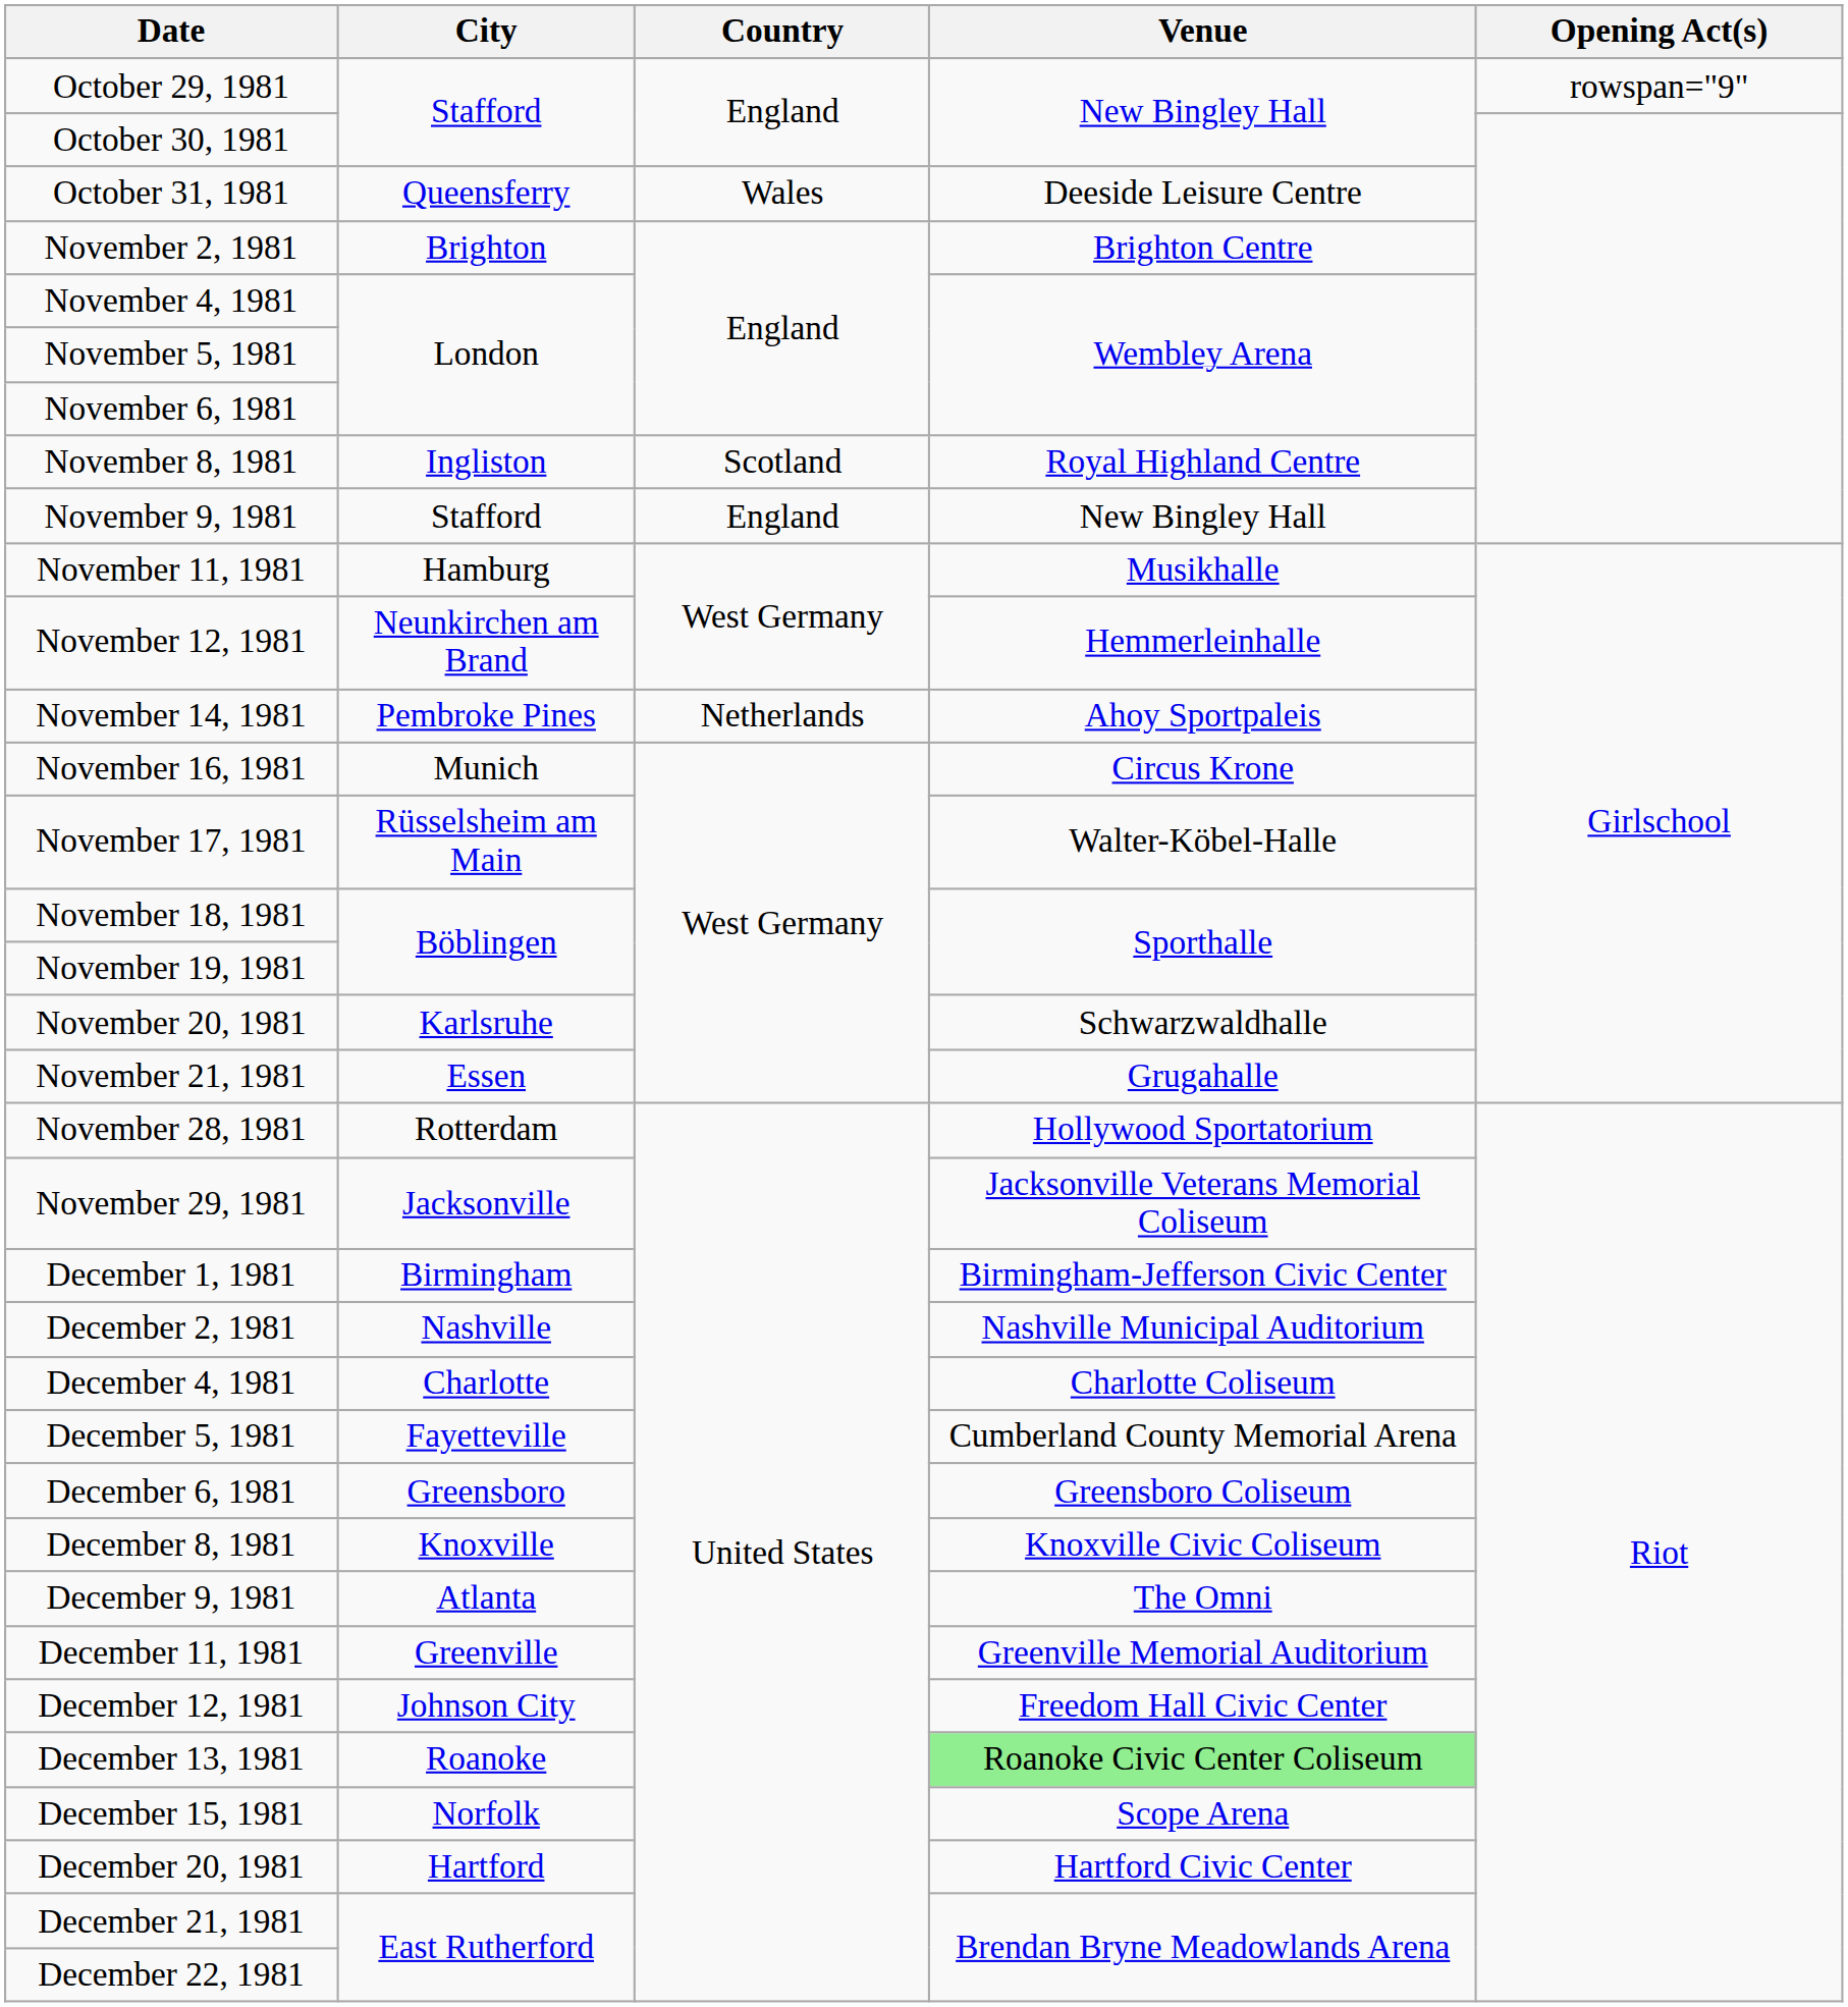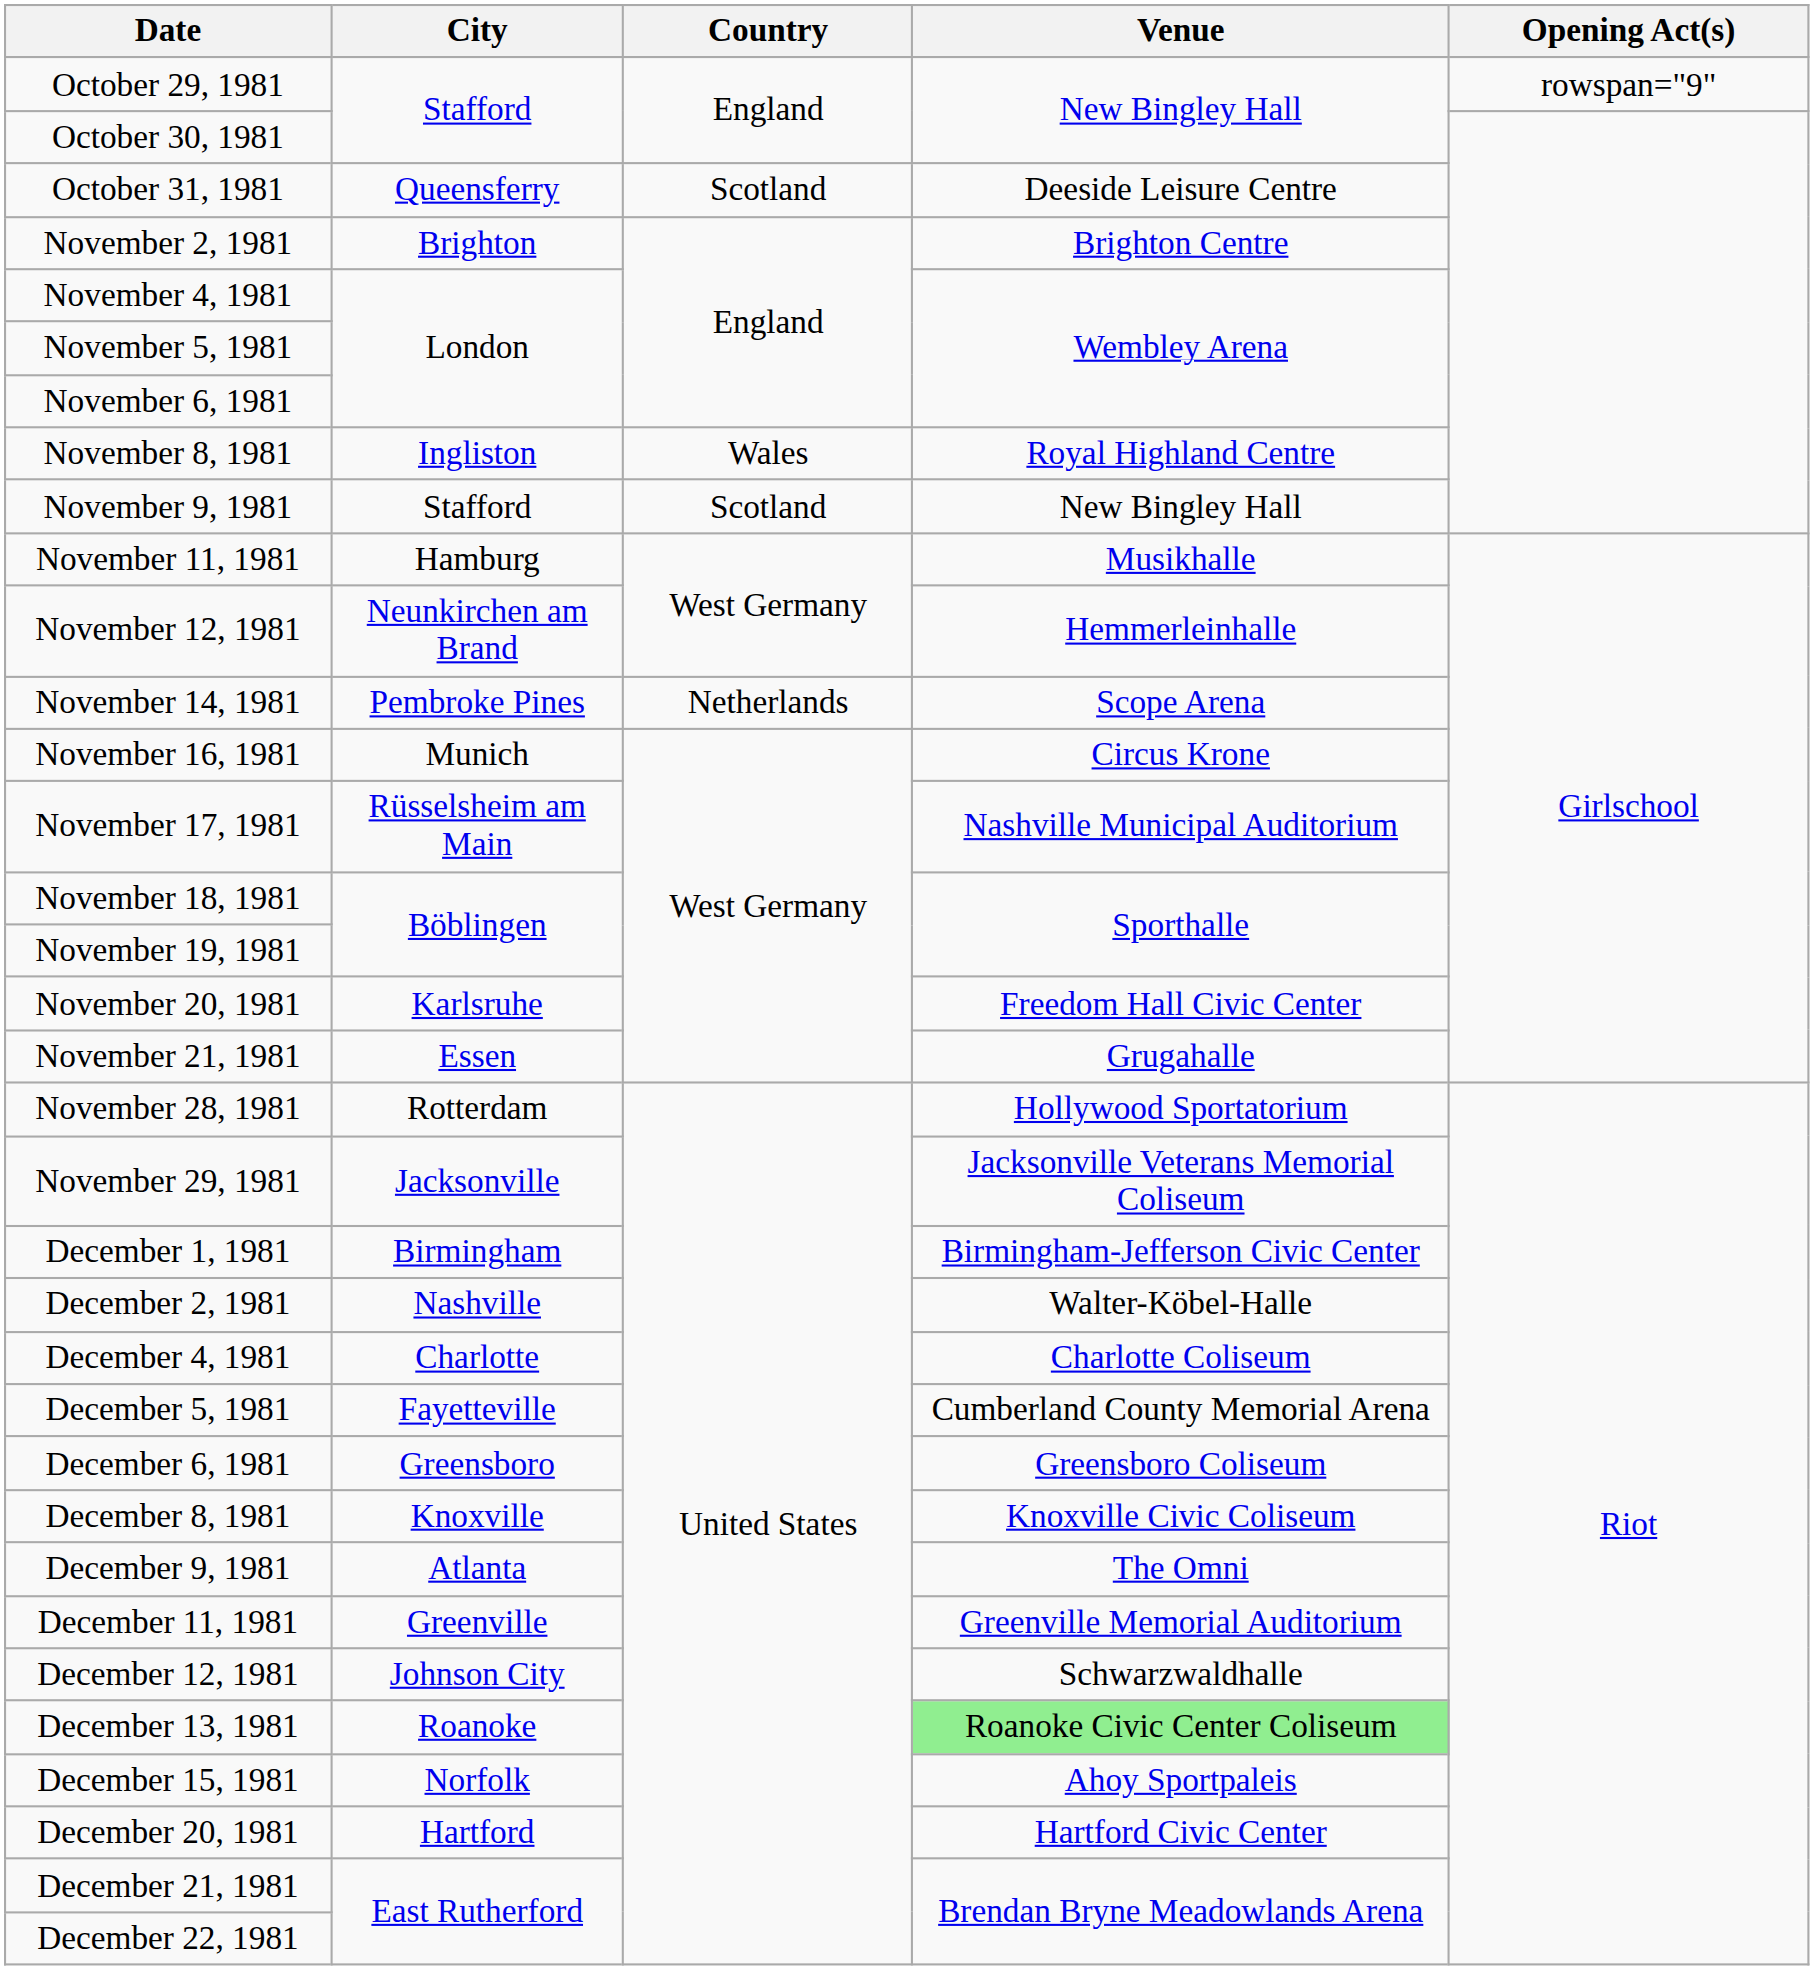 <table class="wikitable plainrowheaders" style="text-align:center;">
 <tr>
 <th scope="col" style="width:12em;">Date</th>
 <th scope="col" style="width:10em;">City</th>
 <th scope="col" style="width:10em;">Country</th>
 <th scope="col" style="width:20em;">Venue</th>
 <th scope="col" style="width:13em;">Opening Act(s)</th>
 </tr>
 <tr>
 <td>October 29, 1981</td>
 <td rowspan="2"><a href='#'>Stafford</a></td>
 <td rowspan="2">England</td>
 <td rowspan="2"><a href='#'>New Bingley Hall</a></td>
 <td>rowspan="9" </td>
 </tr>
 <tr>
 <td>October 30, 1981</td>
 </tr>
 <tr>
 <td>October 31, 1981</td>
 <td><a href='#'>Queensferry</a></td>
-<td>Wales</td>
+<td>Scotland</td>
 <td>Deeside Leisure Centre</td>
 </tr>
 <tr>
 <td>November 2, 1981</td>
 <td><a href='#'>Brighton</a></td>
 <td rowspan="4">England</td>
 <td><a href='#'>Brighton Centre</a></td>
 </tr>
 <tr>
 <td>November 4, 1981</td>
 <td rowspan="3">London</td>
 <td rowspan="3"><a href='#'>Wembley Arena</a></td>
 </tr>
 <tr>
 <td>November 5, 1981</td>
 </tr>
 <tr>
 <td>November 6, 1981</td>
 </tr>
 <tr>
 <td>November 8, 1981</td>
 <td><a href='#'>Ingliston</a></td>
-<td>Scotland</td>
+<td>Wales</td>
 <td><a href='#'>Royal Highland Centre</a></td>
 </tr>
 <tr>
 <td>November 9, 1981</td>
 <td>Stafford</td>
-<td>England</td>
+<td>Scotland</td>
 <td>New Bingley Hall</td>
 </tr>
 <tr>
 <td>November 11, 1981</td>
 <td>Hamburg</td>
 <td rowspan="2">West Germany</td>
 <td><a href='#'>Musikhalle</a></td>
 <td rowspan="9"><a href='#'>Girlschool</a></td>
 </tr>
 <tr>
 <td>November 12, 1981</td>
 <td><a href='#'>Neunkirchen am Brand</a></td>
 <td><a href='#'>Hemmerleinhalle</a></td>
 </tr>
 <tr>
 <td>November 14, 1981</td>
 <td><a href='#'>Pembroke Pines</a></td>
 <td>Netherlands</td>
-<td><a href='#'>Ahoy Sportpaleis</a></td>
+<td><a href='#'>Scope Arena</a></td>
 </tr>
 <tr>
 <td>November 16, 1981</td>
 <td>Munich</td>
 <td rowspan="6">West Germany</td>
 <td><a href='#'>Circus Krone</a></td>
 </tr>
 <tr>
 <td>November 17, 1981</td>
 <td><a href='#'>Rüsselsheim am Main</a></td>
-<td>Walter-Köbel-Halle</td>
+<td><a href='#'>Nashville Municipal Auditorium</a></td>
 </tr>
 <tr>
 <td>November 18, 1981</td>
 <td rowspan="2"><a href='#'>Böblingen</a></td>
 <td rowspan="2"><a href='#'>Sporthalle</a></td>
 </tr>
 <tr>
 <td>November 19, 1981</td>
 </tr>
 <tr>
 <td>November 20, 1981</td>
 <td><a href='#'>Karlsruhe</a></td>
-<td>Schwarzwaldhalle</td>
+<td><a href='#'>Freedom Hall Civic Center</a></td>
 </tr>
 <tr>
 <td>November 21, 1981</td>
 <td><a href='#'>Essen</a></td>
 <td><a href='#'>Grugahalle</a></td>
 </tr>
 <tr>
 <td>November 28, 1981</td>
 <td>Rotterdam</td>
 <td rowspan="16">United States</td>
 <td><a href='#'>Hollywood Sportatorium</a></td>
 <td rowspan="16"><a href='#'>Riot</a></td>
 </tr>
 <tr>
 <td>November 29, 1981</td>
 <td><a href='#'>Jacksonville</a></td>
 <td><a href='#'>Jacksonville Veterans Memorial Coliseum</a></td>
 </tr>
 <tr>
 <td>December 1, 1981</td>
 <td><a href='#'>Birmingham</a></td>
 <td><a href='#'>Birmingham-Jefferson Civic Center</a></td>
 </tr>
 <tr>
 <td>December 2, 1981</td>
 <td><a href='#'>Nashville</a></td>
-<td><a href='#'>Nashville Municipal Auditorium</a></td>
+<td>Walter-Köbel-Halle</td>
 </tr>
 <tr>
 <td>December 4, 1981</td>
 <td><a href='#'>Charlotte</a></td>
 <td><a href='#'>Charlotte Coliseum</a></td>
 </tr>
 <tr>
 <td>December 5, 1981</td>
 <td><a href='#'>Fayetteville</a></td>
 <td>Cumberland County Memorial Arena</td>
 </tr>
 <tr>
 <td>December 6, 1981</td>
 <td><a href='#'>Greensboro</a></td>
 <td><a href='#'>Greensboro Coliseum</a></td>
 </tr>
 <tr>
 <td>December 8, 1981</td>
 <td><a href='#'>Knoxville</a></td>
 <td><a href='#'>Knoxville Civic Coliseum</a></td>
 </tr>
 <tr>
 <td>December 9, 1981</td>
 <td><a href='#'>Atlanta</a></td>
 <td><a href='#'>The Omni</a></td>
 </tr>
 <tr>
 <td>December 11, 1981</td>
 <td><a href='#'>Greenville</a></td>
 <td><a href='#'>Greenville Memorial Auditorium</a></td>
 </tr>
 <tr>
 <td>December 12, 1981</td>
 <td><a href='#'>Johnson City</a></td>
-<td><a href='#'>Freedom Hall Civic Center</a></td>
+<td>Schwarzwaldhalle</td>
 </tr>
 <tr>
 <td>December 13, 1981</td>
 <td><a href='#'>Roanoke</a></td>
 <td style="background: lightgreen;">Roanoke Civic Center Coliseum</td>
 </tr>
 <tr>
 <td>December 15, 1981</td>
 <td><a href='#'>Norfolk</a></td>
-<td><a href='#'>Scope Arena</a></td>
+<td><a href='#'>Ahoy Sportpaleis</a></td>
 </tr>
 <tr>
 <td>December 20, 1981</td>
 <td><a href='#'>Hartford</a></td>
 <td><a href='#'>Hartford Civic Center</a></td>
 </tr>
 <tr>
 <td>December 21, 1981</td>
 <td rowspan="2"><a href='#'>East Rutherford</a></td>
 <td rowspan="2"><a href='#'>Brendan Bryne Meadowlands Arena</a></td>
 </tr>
 <tr>
 <td>December 22, 1981</td>
 </tr>
 </table>
